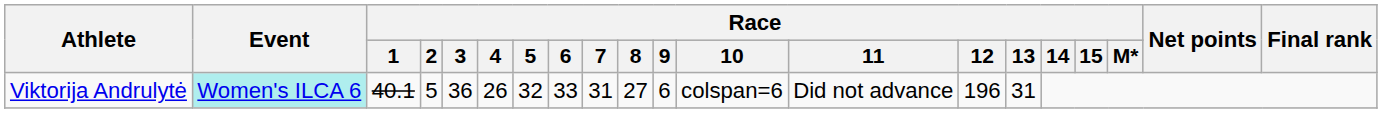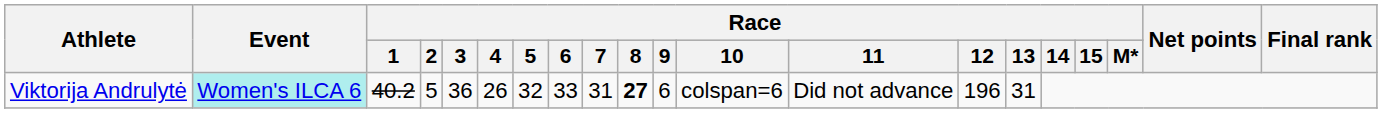 <table class="wikitable" style="font-size:90%">
 <tr>
 <th rowspan="2">Athlete</th>
 <th rowspan="2">Event</th>
 <th colspan=16>Race</th>
 <th rowspan=2>Net points</th>
 <th rowspan=2>Final rank</th>
 </tr>
 <tr style="font-size:95%">
 <th>1</th>
 <th>2</th>
 <th>3</th>
 <th>4</th>
 <th>5</th>
 <th>6</th>
 <th>7</th>
 <th>8</th>
 <th>9</th>
 <th>10</th>
 <th>11</th>
 <th>12</th>
 <th>13</th>
 <th>14</th>
 <th>15</th>
 <th>M*</th>
 </tr>
 <tr align=center>
 <td align=left><a href='#'>Viktorija Andrulytė</a></td>
 <td align=left style="background: paleturquoise;"><a href='#'>Women's ILCA 6</a></td>
-<td><s>40.1</s></td>
+<td><s>40.2</s></td>
 <td>5</td>
 <td>36</td>
 <td>26</td>
 <td>32</td>
 <td>33</td>
 <td>31</td>
-<td>27</td>
+<td><strong>27</strong></td>
 <td>6</td>
 <td>colspan=6 </td>
 <td colspan=1>Did not advance</td>
 <td>196</td>
 <td>31</td>
 </tr>
 </table>
